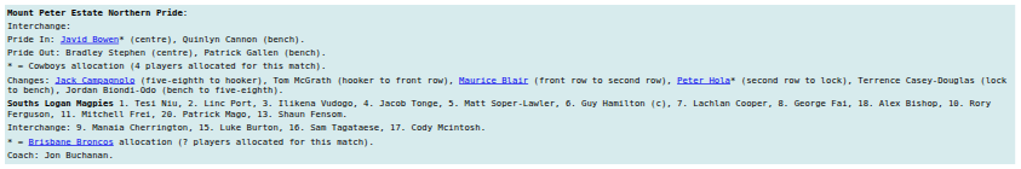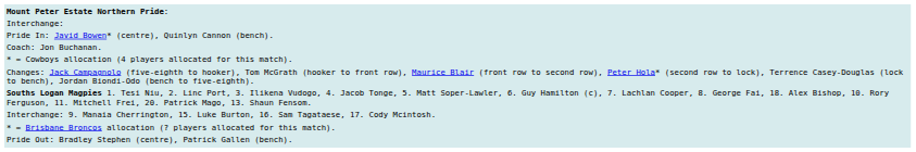 <table style="background:#d7ebed; font-size:85%; width:100%;">
 <tr>
 <td><strong>Mount Peter Estate Northern Pride</strong>:           </td>
 </tr>
 <tr>
 <td>Interchange:    </td>
 </tr>
 <tr>
 <td>Pride In: <a href='#'>Javid Bowen</a>* (centre), Quinlyn Cannon (bench).</td>
 </tr>
 <tr>
-<td>Pride Out: Bradley Stephen (centre), Patrick Gallen (bench).</td>
+<td>Coach: Jon Buchanan.</td>
 </tr>
 <tr>
 <td>* = Cowboys allocation (4 players allocated for this match).</td>
 </tr>
 <tr>
 <td>Changes: <a href='#'>Jack Campagnolo</a> (five-eighth to hooker), Tom McGrath (hooker to front row), <a href='#'>Maurice Blair</a> (front row to second row), <a href='#'>Peter Hola</a>* (second row to lock), Terrence Casey-Douglas (lock to bench), Jordan Biondi-Odo (bench to five-eighth).</td>
 </tr>
 <tr>
 <td><strong>Souths Logan Magpies</strong> 1. Tesi Niu, 2. Linc Port, 3. Ilikena Vudogo, 4. Jacob Tonge, 5. Matt Soper-Lawler, 6. Guy Hamilton (c), 7. Lachlan Cooper, 8. George Fai, 18. Alex Bishop, 10. Rory Ferguson, 11. Mitchell Frei, 20. Patrick Mago, 13. Shaun Fensom.</td>
 </tr>
 <tr>
 <td>Interchange: 9. Manaia Cherrington, 15. Luke Burton, 16. Sam Tagataese, 17. Cody Mcintosh.</td>
 </tr>
 <tr>
 <td>* = <a href='#'>Brisbane Broncos</a> allocation (? players allocated for this match).</td>
 </tr>
 <tr>
-<td>Coach: Jon Buchanan.</td>
+<td>Pride Out: Bradley Stephen (centre), Patrick Gallen (bench).</td>
 </tr>
 <tr>
 </tr>
 </table>
